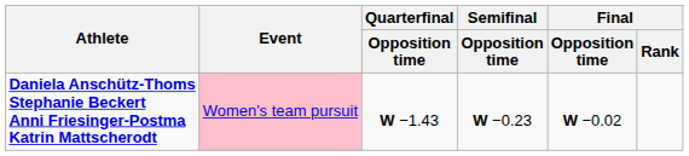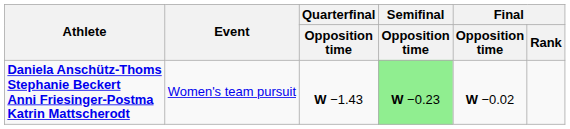 <table class="wikitable">
 <tr>
 <th rowspan="2">Athlete</th>
 <th rowspan="2">Event</th>
 <th>Quarterfinal</th>
 <th>Semifinal</th>
 <th colspan="2">Final</th>
 </tr>
 <tr>
 <th>Opposition <br> time</th>
 <th>Opposition <br> time</th>
 <th>Opposition <br> time</th>
 <th>Rank</th>
 </tr>
 <tr>
 <td><strong><a href='#'>Daniela Anschütz-Thoms</a><br><a href='#'>Stephanie Beckert</a><br><a href='#'>Anni Friesinger-Postma</a><br><a href='#'>Katrin Mattscherodt</a></strong></td>
-<td style="background: pink;"><a href='#'>Women's team pursuit</a></td>
+<td><a href='#'>Women's team pursuit</a></td>
 <td align="center"> <br><strong>W</strong> −1.43</td>
-<td align="center"> <br><strong>W</strong> −0.23</td>
+<td align="center" style="background: lightgreen;"> <br><strong>W</strong> −0.23</td>
 <td align="center"> <br><strong>W</strong> −0.02</td>
 <td align="center"></td>
 </tr>
 </table>
